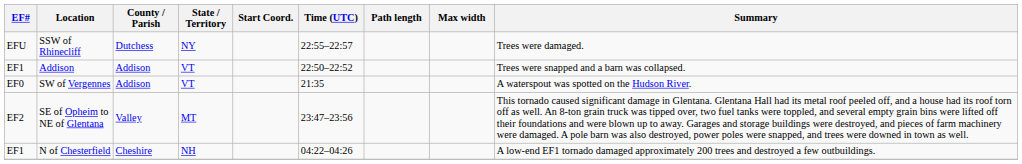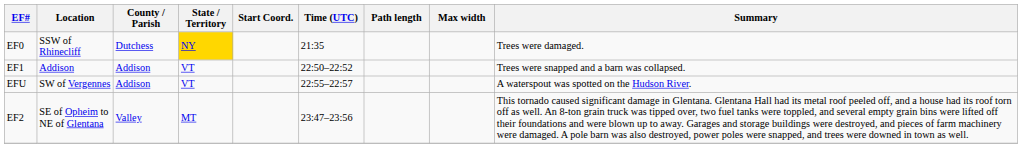 <table class="wikitable sortable" style="width:100%;">
 <tr>
 <th scope="col"  style="width:3%; text-align:center;"><a href='#'>EF#</a></th>
 <th scope="col"  style="width:7%; text-align:center;" class="unsortable">Location</th>
 <th scope="col"  style="width:6%; text-align:center;" class="unsortable">County / Parish</th>
 <th scope="col"  style="width:5%; text-align:center;">State / Territory</th>
 <th scope="col"  style="width:6%; text-align:center;">Start Coord.</th>
 <th scope="col"  style="width:6%; text-align:center;">Time (<a href='#'>UTC</a>)</th>
 <th scope="col"  style="width:6%; text-align:center;">Path length</th>
 <th scope="col"  style="width:6%; text-align:center;">Max width</th>
 <th scope="col" class="unsortable" style="width:48%; text-align:center;">Summary</th>
 </tr>
 <tr>
-<td>EFU</td>
+<td>EF0</td>
 <td>SSW of <a href='#'>Rhinecliff</a></td>
 <td><a href='#'>Dutchess</a></td>
-<td><a href='#'>NY</a></td>
+<td style="background: gold;"><a href='#'>NY</a></td>
 <td></td>
-<td>22:55–22:57</td>
+<td>21:35</td>
 <td></td>
 <td></td>
 <td>Trees were damaged.</td>
 </tr>
 <tr>
 <td>EF1</td>
 <td><a href='#'>Addison</a></td>
 <td><a href='#'>Addison</a></td>
 <td><a href='#'>VT</a></td>
 <td></td>
 <td>22:50–22:52</td>
 <td></td>
 <td></td>
 <td>Trees were snapped and a barn was collapsed.</td>
 </tr>
 <tr>
-<td>EF0</td>
+<td>EFU</td>
 <td>SW of <a href='#'>Vergennes</a></td>
 <td><a href='#'>Addison</a></td>
 <td><a href='#'>VT</a></td>
 <td></td>
-<td>21:35</td>
+<td>22:55–22:57</td>
 <td></td>
 <td></td>
 <td>A waterspout was spotted on the <a href='#'>Hudson River</a>.</td>
 </tr>
 <tr>
 <td>EF2</td>
 <td>SE of <a href='#'>Opheim</a> to NE of <a href='#'>Glentana</a></td>
 <td><a href='#'>Valley</a></td>
 <td><a href='#'>MT</a></td>
 <td></td>
 <td>23:47–23:56</td>
 <td></td>
 <td></td>
 <td>This tornado caused significant damage in Glentana. Glentana Hall had its metal roof peeled off, and a house had its roof torn off as well. An 8-ton grain truck was tipped over, two fuel tanks were toppled, and several empty grain bins were lifted off their foundations and were blown up to  away. Garages and storage buildings were destroyed, and pieces of farm machinery were damaged. A pole barn was also destroyed, power poles were snapped, and trees were downed in town as well.</td>
 </tr>
 <tr>
-<td>EF1</td>
-<td>N of <a href='#'>Chesterfield</a></td>
-<td><a href='#'>Cheshire</a></td>
-<td><a href='#'>NH</a></td>
-<td></td>
-<td>04:22–04:26</td>
-<td></td>
-<td></td>
-<td>A low-end EF1 tornado damaged approximately 200 trees and destroyed a few outbuildings.</td>
-</tr>
-<tr>
 </tr>
 </table>
